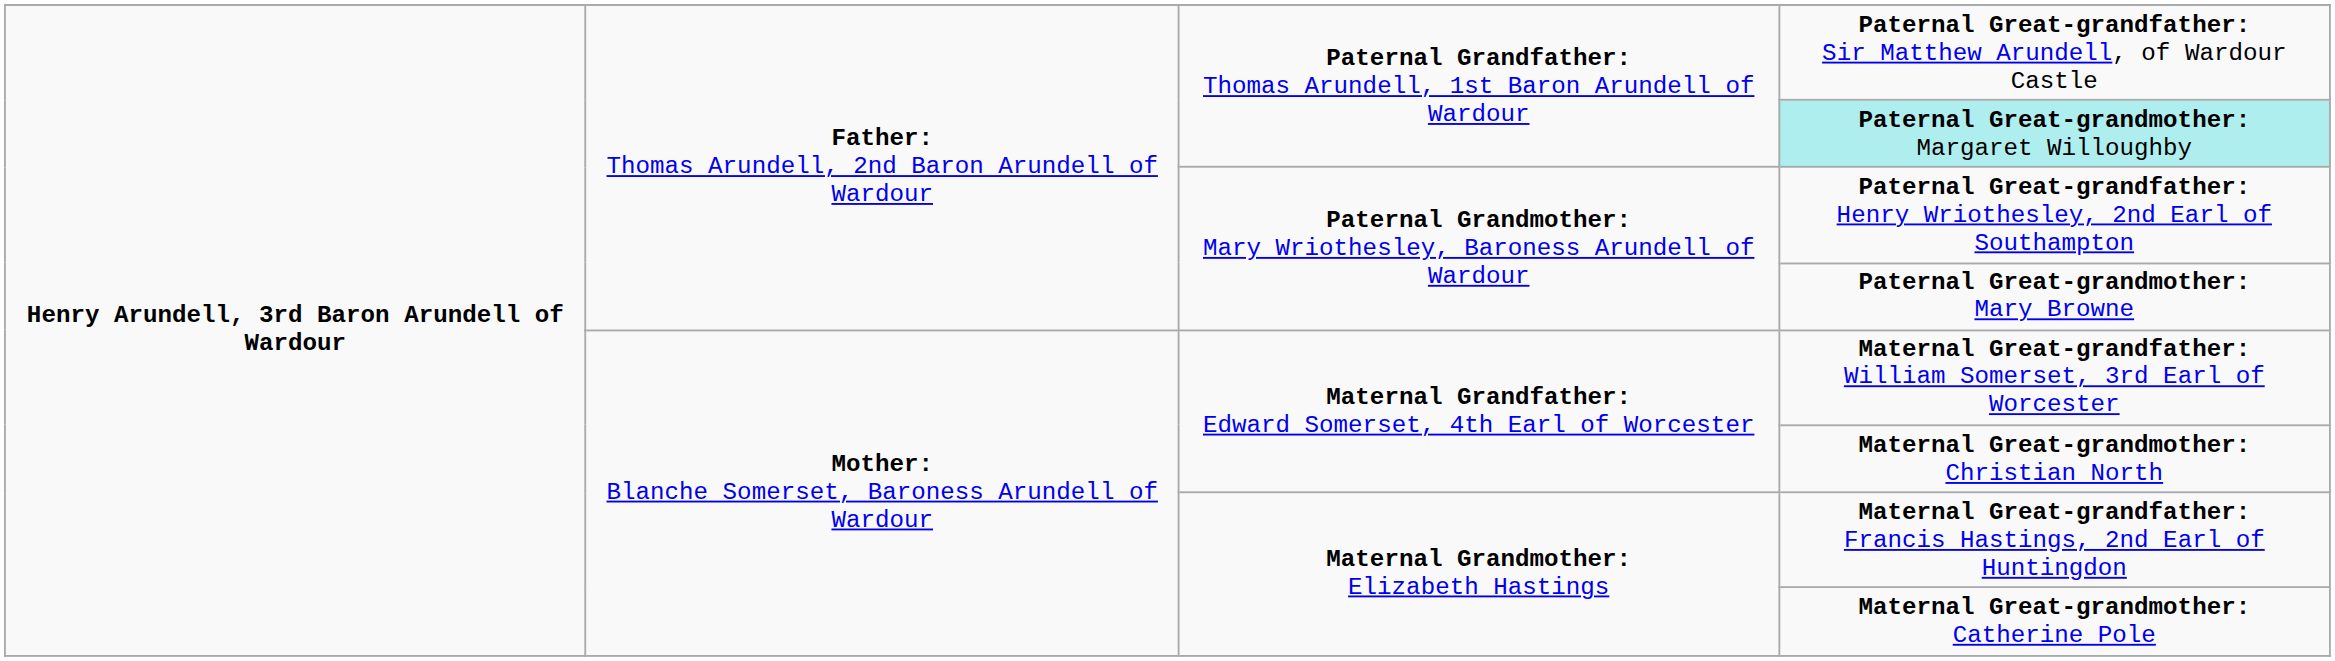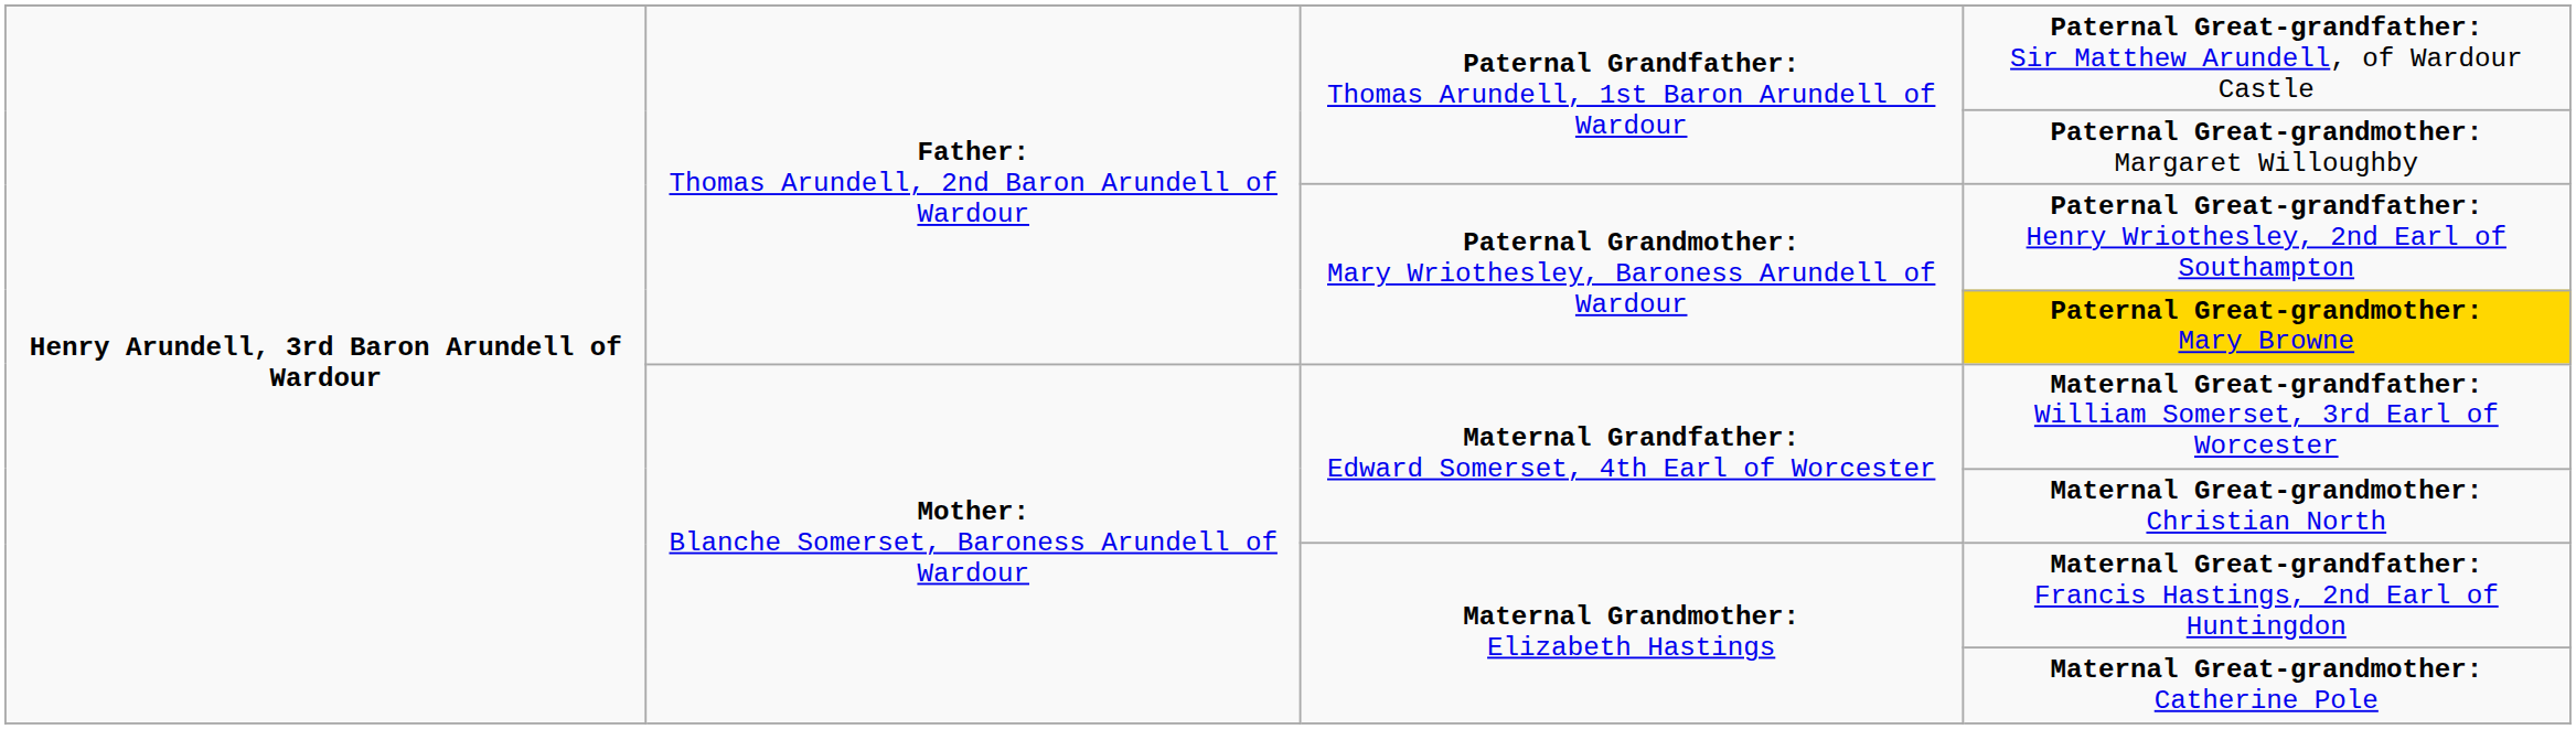 <table class="wikitable">
 <tr>
 </tr>
 <tr>
 <td rowspan="8" align="center"><strong>Henry Arundell, 3rd Baron Arundell of Wardour</strong></td>
 <td rowspan="4" align="center"><strong>Father:</strong><br><a href='#'>Thomas Arundell, 2nd Baron Arundell of Wardour</a></td>
 <td rowspan="2" align="center"><strong>Paternal Grandfather:</strong><br><a href='#'>Thomas Arundell, 1st Baron Arundell of Wardour</a></td>
 <td align="center"><strong>Paternal Great-grandfather:</strong><br><a href='#'>Sir Matthew Arundell</a>, of Wardour Castle</td>
 </tr>
 <tr>
-<td align="center" style="background: paleturquoise;"><strong>Paternal Great-grandmother:</strong><br>Margaret Willoughby</td>
+<td align="center"><strong>Paternal Great-grandmother:</strong><br>Margaret Willoughby</td>
 </tr>
 <tr>
 <td rowspan="2" align="center"><strong>Paternal Grandmother:</strong><br><a href='#'>Mary Wriothesley, Baroness Arundell of Wardour</a></td>
 <td align="center"><strong>Paternal Great-grandfather:</strong><br><a href='#'>Henry Wriothesley, 2nd Earl of Southampton</a></td>
 </tr>
 <tr>
-<td align="center"><strong>Paternal Great-grandmother:</strong><br><a href='#'>Mary Browne</a></td>
+<td align="center" style="background: gold;"><strong>Paternal Great-grandmother:</strong><br><a href='#'>Mary Browne</a></td>
 </tr>
 <tr>
 <td rowspan="4" align="center"><strong>Mother:</strong><br><a href='#'>Blanche Somerset, Baroness Arundell of Wardour</a></td>
 <td rowspan="2" align="center"><strong>Maternal Grandfather:</strong><br><a href='#'>Edward Somerset, 4th Earl of Worcester</a></td>
 <td align="center"><strong>Maternal Great-grandfather:</strong><br><a href='#'>William Somerset, 3rd Earl of Worcester</a></td>
 </tr>
 <tr>
 <td align="center"><strong>Maternal Great-grandmother:</strong><br><a href='#'>Christian North</a></td>
 </tr>
 <tr>
 <td rowspan="2" align="center"><strong>Maternal Grandmother:</strong><br><a href='#'>Elizabeth Hastings</a></td>
 <td align="center"><strong>Maternal Great-grandfather:</strong><br><a href='#'>Francis Hastings, 2nd Earl of Huntingdon</a></td>
 </tr>
 <tr>
 <td align="center"><strong>Maternal Great-grandmother:</strong><br><a href='#'>Catherine Pole</a></td>
 </tr>
 </table>
